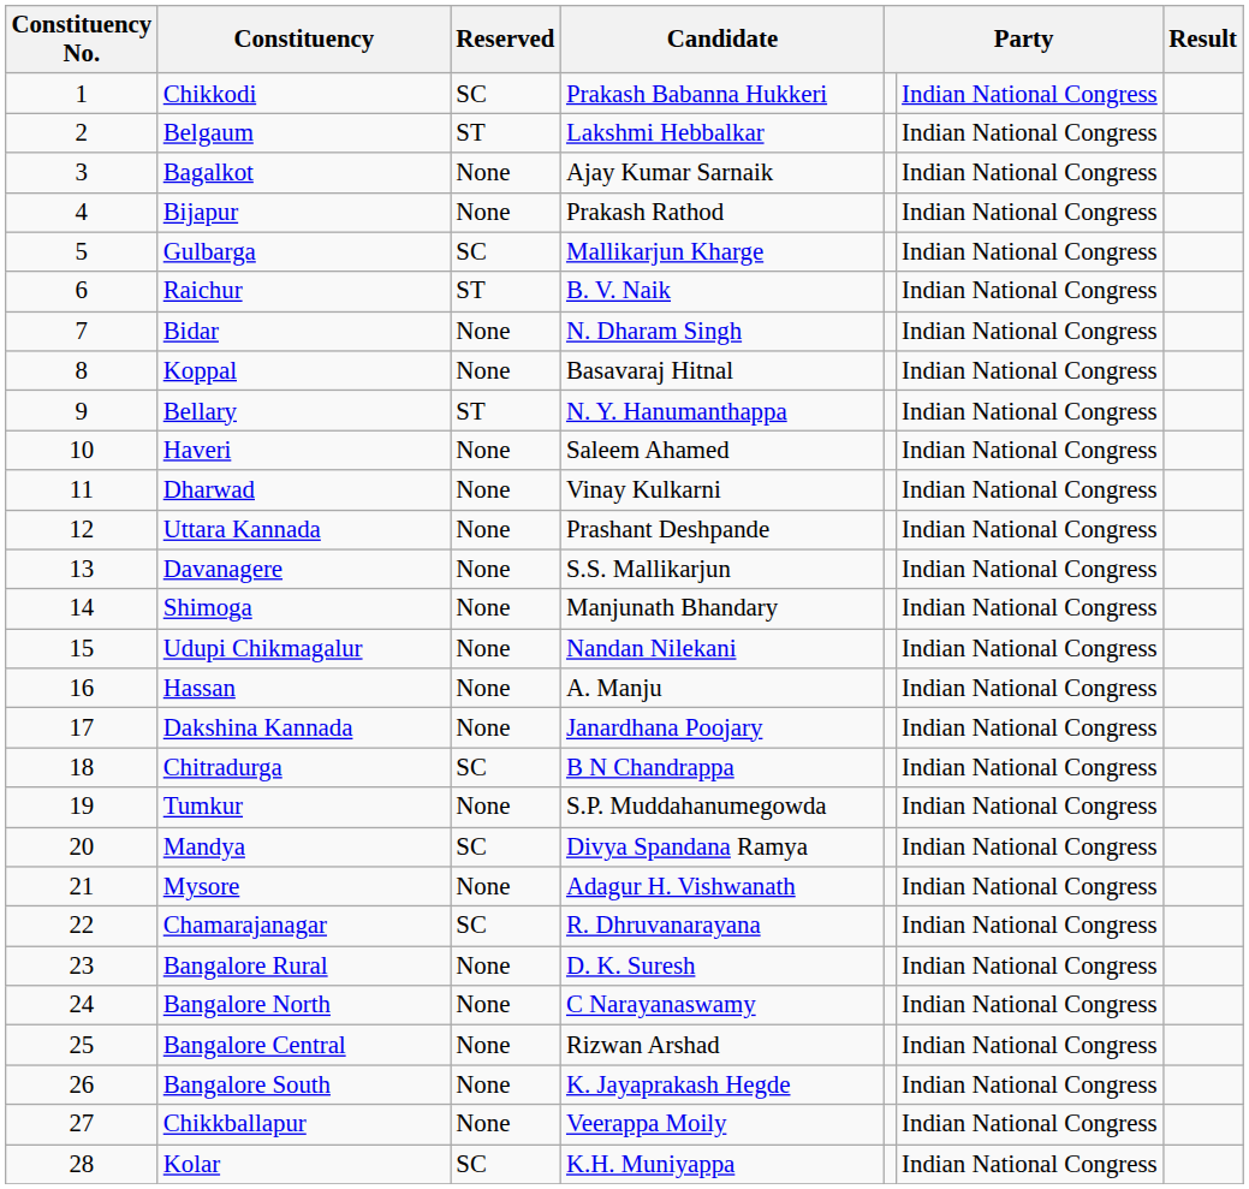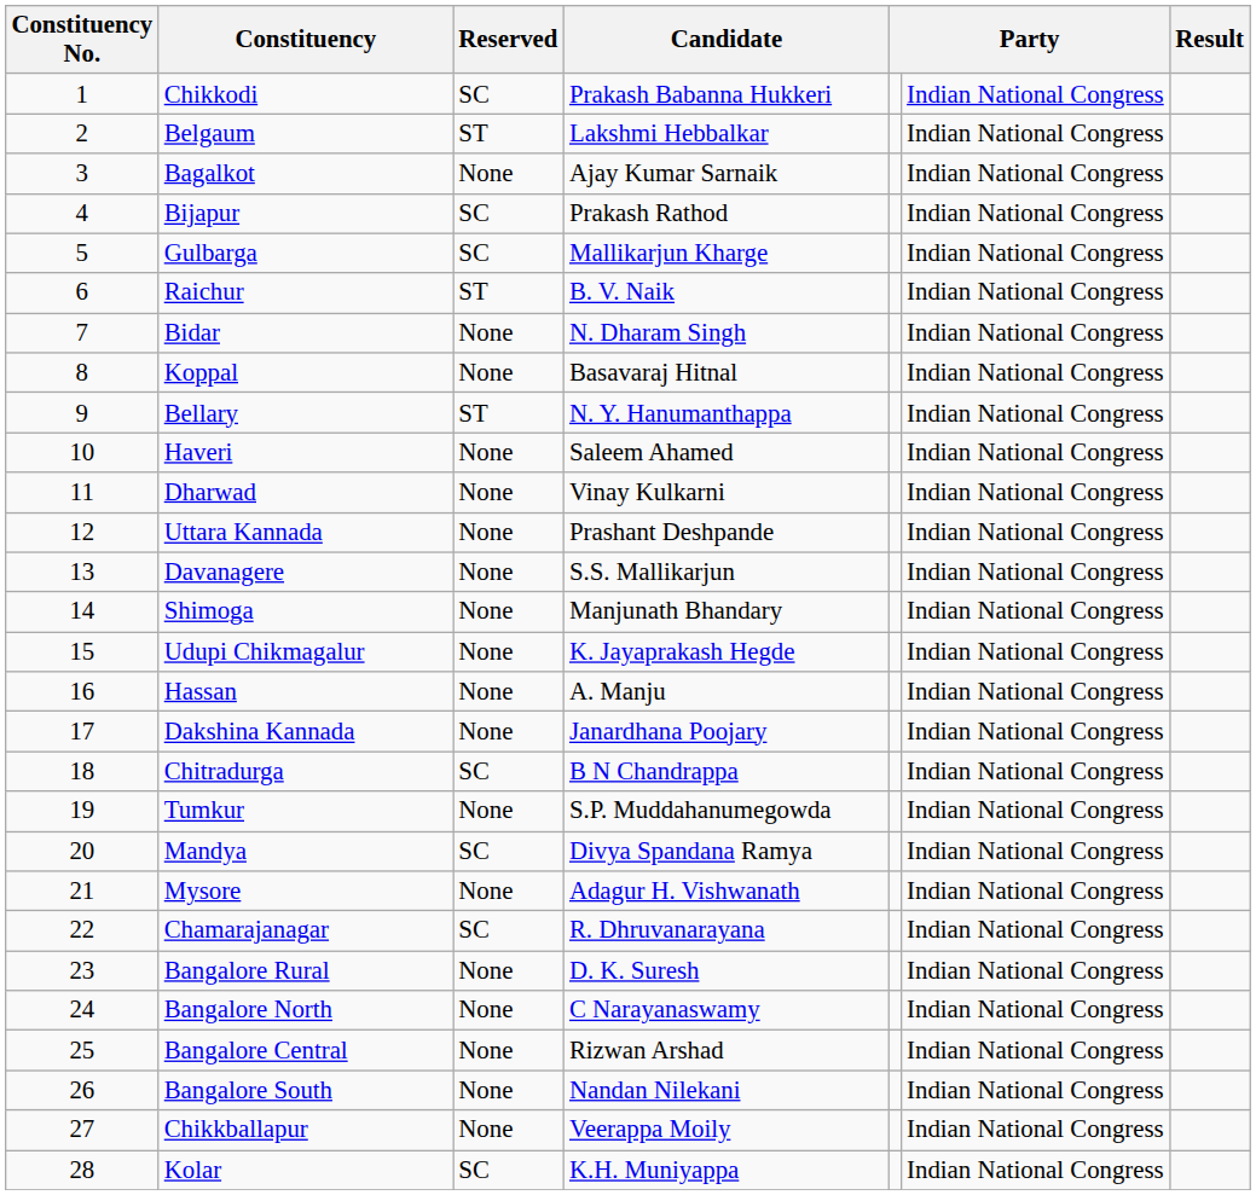 <table class= "wikitable sortable">
 <tr>
 <th>Constituency <br> No.</th>
 <th style="width:180px;">Constituency</th>
 <th>Reserved</th>
 <th style="width:200px;">Candidate</th>
 <th colspan=2>Party</th>
 <th>Result</th>
 </tr>
 <tr>
 <td align="center">1</td>
 <td><a href='#'>Chikkodi</a></td>
 <td>SC</td>
 <td><a href='#'>Prakash Babanna Hukkeri</a></td>
 <td></td>
 <td><a href='#'>Indian National Congress</a></td>
 <td></td>
 </tr>
 <tr>
 <td align="center">2</td>
 <td><a href='#'>Belgaum</a></td>
 <td>ST</td>
 <td><a href='#'>Lakshmi Hebbalkar</a></td>
 <td></td>
 <td>Indian National Congress</td>
 <td></td>
 </tr>
 <tr>
 <td align="center">3</td>
 <td><a href='#'>Bagalkot</a></td>
 <td>None</td>
 <td>Ajay Kumar Sarnaik</td>
 <td></td>
 <td>Indian National Congress</td>
 <td></td>
 </tr>
 <tr>
 <td align="center">4</td>
 <td><a href='#'>Bijapur</a></td>
-<td>None</td>
+<td>SC</td>
 <td>Prakash Rathod</td>
 <td></td>
 <td>Indian National Congress</td>
 <td></td>
 </tr>
 <tr>
 <td align="center">5</td>
 <td><a href='#'>Gulbarga</a></td>
 <td>SC</td>
 <td><a href='#'>Mallikarjun Kharge</a></td>
 <td></td>
 <td>Indian National Congress</td>
 <td></td>
 </tr>
 <tr>
 <td align="center">6</td>
 <td><a href='#'>Raichur</a></td>
 <td>ST</td>
 <td><a href='#'>B. V. Naik</a></td>
 <td></td>
 <td>Indian National Congress</td>
 <td></td>
 </tr>
 <tr>
 <td align="center">7</td>
 <td><a href='#'>Bidar</a></td>
 <td>None</td>
 <td><a href='#'>N. Dharam Singh</a></td>
 <td></td>
 <td>Indian National Congress</td>
 <td></td>
 </tr>
 <tr>
 <td align="center">8</td>
 <td><a href='#'>Koppal</a></td>
 <td>None</td>
 <td>Basavaraj Hitnal</td>
 <td></td>
 <td>Indian National Congress</td>
 <td></td>
 </tr>
 <tr>
 <td align="center">9</td>
 <td><a href='#'>Bellary</a></td>
 <td>ST</td>
 <td><a href='#'>N. Y. Hanumanthappa</a></td>
 <td></td>
 <td>Indian National Congress</td>
 <td></td>
 </tr>
 <tr>
 <td align="center">10</td>
 <td><a href='#'>Haveri</a></td>
 <td>None</td>
 <td>Saleem Ahamed</td>
 <td></td>
 <td>Indian National Congress</td>
 <td></td>
 </tr>
 <tr>
 <td align="center">11</td>
 <td><a href='#'>Dharwad</a></td>
 <td>None</td>
 <td>Vinay Kulkarni</td>
 <td></td>
 <td>Indian National Congress</td>
 <td></td>
 </tr>
 <tr>
 <td align="center">12</td>
 <td><a href='#'>Uttara Kannada</a></td>
 <td>None</td>
 <td>Prashant Deshpande</td>
 <td></td>
 <td>Indian National Congress</td>
 <td></td>
 </tr>
 <tr>
 <td align="center">13</td>
 <td><a href='#'>Davanagere</a></td>
 <td>None</td>
 <td>S.S. Mallikarjun</td>
 <td></td>
 <td>Indian National Congress</td>
 <td></td>
 </tr>
 <tr>
 <td align="center">14</td>
 <td><a href='#'>Shimoga</a></td>
 <td>None</td>
 <td>Manjunath Bhandary</td>
 <td></td>
 <td>Indian National Congress</td>
 <td></td>
 </tr>
 <tr>
 <td align="center">15</td>
 <td><a href='#'>Udupi Chikmagalur</a></td>
 <td>None</td>
-<td><a href='#'>Nandan Nilekani</a></td>
+<td><a href='#'>K. Jayaprakash Hegde</a></td>
 <td></td>
 <td>Indian National Congress</td>
 <td></td>
 </tr>
 <tr>
 <td align="center">16</td>
 <td><a href='#'>Hassan</a></td>
 <td>None</td>
 <td>A. Manju</td>
 <td></td>
 <td>Indian National Congress</td>
 <td></td>
 </tr>
 <tr>
 <td align="center">17</td>
 <td><a href='#'>Dakshina Kannada</a></td>
 <td>None</td>
 <td><a href='#'>Janardhana Poojary</a></td>
 <td></td>
 <td>Indian National Congress</td>
 <td></td>
 </tr>
 <tr>
 <td align="center">18</td>
 <td><a href='#'>Chitradurga</a></td>
 <td>SC</td>
 <td><a href='#'>B N Chandrappa</a></td>
 <td></td>
 <td>Indian National Congress</td>
 <td></td>
 </tr>
 <tr>
 <td align="center">19</td>
 <td><a href='#'>Tumkur</a></td>
 <td>None</td>
 <td>S.P. Muddahanumegowda</td>
 <td></td>
 <td>Indian National Congress</td>
 <td></td>
 </tr>
 <tr>
 <td align="center">20</td>
 <td><a href='#'>Mandya</a></td>
 <td>SC</td>
 <td><a href='#'>Divya Spandana</a> Ramya</td>
 <td></td>
 <td>Indian National Congress</td>
 <td></td>
 </tr>
 <tr>
 <td align="center">21</td>
 <td><a href='#'>Mysore</a></td>
 <td>None</td>
 <td><a href='#'>Adagur H. Vishwanath</a></td>
 <td></td>
 <td>Indian National Congress</td>
 <td></td>
 </tr>
 <tr>
 <td align="center">22</td>
 <td><a href='#'>Chamarajanagar</a></td>
 <td>SC</td>
 <td><a href='#'>R. Dhruvanarayana</a></td>
 <td></td>
 <td>Indian National Congress</td>
 <td></td>
 </tr>
 <tr>
 <td align="center">23</td>
 <td><a href='#'>Bangalore Rural</a></td>
 <td>None</td>
 <td><a href='#'>D. K. Suresh</a></td>
 <td></td>
 <td>Indian National Congress</td>
 <td></td>
 </tr>
 <tr>
 <td align="center">24</td>
 <td><a href='#'>Bangalore North</a></td>
 <td>None</td>
 <td><a href='#'>C Narayanaswamy</a></td>
 <td></td>
 <td>Indian National Congress</td>
 <td></td>
 </tr>
 <tr>
 <td align="center">25</td>
 <td><a href='#'>Bangalore Central</a></td>
 <td>None</td>
 <td>Rizwan Arshad</td>
 <td></td>
 <td>Indian National Congress</td>
 <td></td>
 </tr>
 <tr>
 <td align="center">26</td>
 <td><a href='#'>Bangalore South</a></td>
 <td>None</td>
-<td><a href='#'>K. Jayaprakash Hegde</a></td>
+<td><a href='#'>Nandan Nilekani</a></td>
 <td></td>
 <td>Indian National Congress</td>
 <td></td>
 </tr>
 <tr>
 <td align="center">27</td>
 <td><a href='#'>Chikkballapur</a></td>
 <td>None</td>
 <td><a href='#'>Veerappa Moily</a></td>
 <td></td>
 <td>Indian National Congress</td>
 <td></td>
 </tr>
 <tr>
 <td align="center">28</td>
 <td><a href='#'>Kolar</a></td>
 <td>SC</td>
 <td><a href='#'>K.H. Muniyappa</a></td>
 <td></td>
 <td>Indian National Congress</td>
 <td></td>
 </tr>
 </table>
